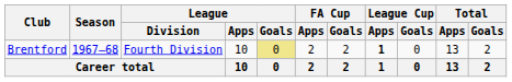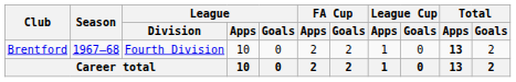 <table class="wikitable" style="text-align: center;">
 <tr>
 <th rowspan="2">Club</th>
 <th rowspan="2">Season</th>
 <th colspan="3">League</th>
 <th colspan="2">FA Cup</th>
 <th colspan="2">League Cup</th>
 <th colspan="2">Total</th>
 </tr>
 <tr>
 <th>Division</th>
 <th>Apps</th>
 <th>Goals</th>
 <th>Apps</th>
 <th>Goals</th>
 <th>Apps</th>
 <th>Goals</th>
 <th>Apps</th>
 <th>Goals</th>
 </tr>
 <tr>
 <td><a href='#'>Brentford</a></td>
 <td><a href='#'>1967–68</a></td>
 <td><a href='#'>Fourth Division</a></td>
 <td>10</td>
-<td style="background: khaki;">0</td>
+<td>0</td>
 <td>2</td>
 <td>2</td>
-<td><strong>1</strong></td>
+<td>1</td>
 <td>0</td>
-<td>13</td>
+<td><strong>13</strong></td>
 <td>2</td>
 </tr>
 <tr>
 <th colspan="3">Career total</th>
 <th>10</th>
 <th>0</th>
 <th>2</th>
 <th>2</th>
 <th>1</th>
 <th>0</th>
 <th>13</th>
 <th>2</th>
 </tr>
 </table>
